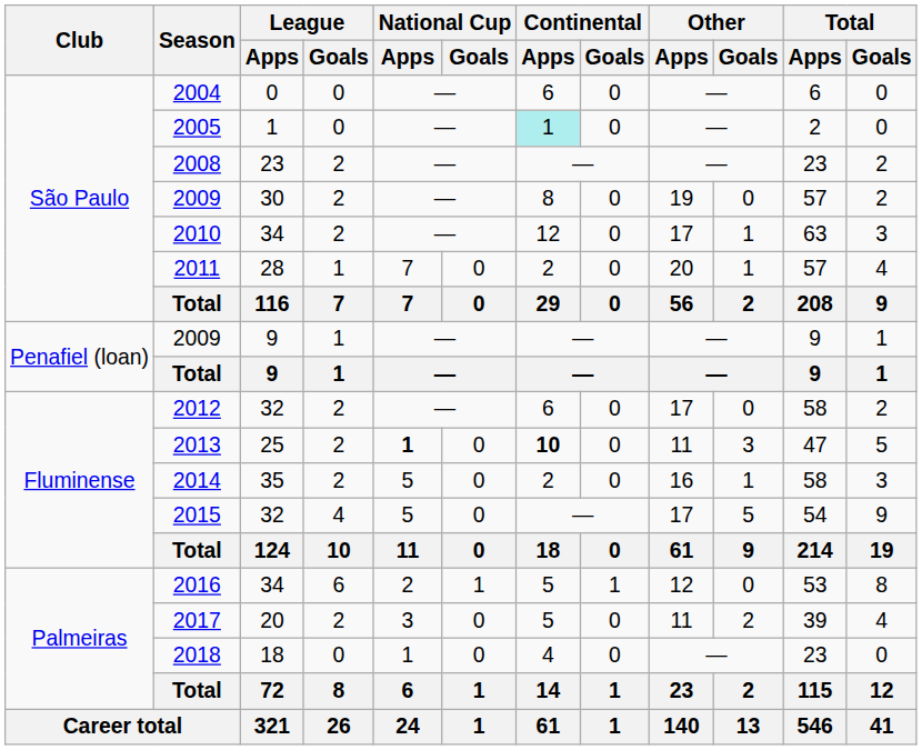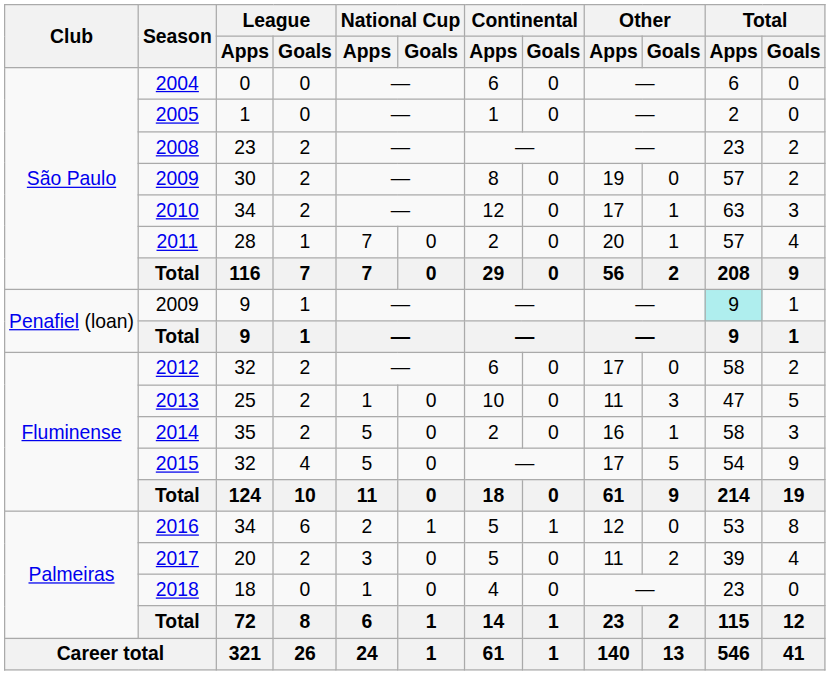 <table class="wikitable" style="font-size:96%; text-align: center;">
 <tr>
 <th rowspan="2">Club</th>
 <th rowspan="2">Season</th>
 <th colspan="2">League</th>
 <th colspan="2">National Cup</th>
 <th colspan="2">Continental</th>
 <th colspan="2">Other</th>
 <th colspan="2">Total</th>
 </tr>
 <tr>
 <th>Apps</th>
 <th>Goals</th>
 <th>Apps</th>
 <th>Goals</th>
 <th>Apps</th>
 <th>Goals</th>
 <th>Apps</th>
 <th>Goals</th>
 <th>Apps</th>
 <th>Goals</th>
 </tr>
 <tr>
 <td rowspan="7" valign="center"><a href='#'>São Paulo</a></td>
 <td><a href='#'>2004</a></td>
 <td>0</td>
 <td>0</td>
 <td colspan="2">—</td>
 <td>6</td>
 <td>0</td>
 <td colspan="2">—</td>
 <td>6</td>
 <td>0</td>
 </tr>
 <tr>
 <td><a href='#'>2005</a></td>
 <td>1</td>
 <td>0</td>
 <td colspan="2">—</td>
-<td style="background: paleturquoise;">1</td>
+<td>1</td>
 <td>0</td>
 <td colspan="2">—</td>
 <td>2</td>
 <td>0</td>
 </tr>
 <tr>
 <td><a href='#'>2008</a></td>
 <td>23</td>
 <td>2</td>
 <td colspan="2">—</td>
 <td colspan="2">—</td>
 <td colspan="2">—</td>
 <td>23</td>
 <td>2</td>
 </tr>
 <tr>
 <td><a href='#'>2009</a></td>
 <td>30</td>
 <td>2</td>
 <td colspan="2">—</td>
 <td>8</td>
 <td>0</td>
 <td>19</td>
 <td>0</td>
 <td>57</td>
 <td>2</td>
 </tr>
 <tr>
 <td><a href='#'>2010</a></td>
 <td>34</td>
 <td>2</td>
 <td colspan="2">—</td>
 <td>12</td>
 <td>0</td>
 <td>17</td>
 <td>1</td>
 <td>63</td>
 <td>3</td>
 </tr>
 <tr>
 <td><a href='#'>2011</a></td>
 <td>28</td>
 <td>1</td>
 <td>7</td>
 <td>0</td>
 <td>2</td>
 <td>0</td>
 <td>20</td>
 <td>1</td>
 <td>57</td>
 <td>4</td>
 </tr>
 <tr>
 <th colspan="1">Total</th>
 <th>116</th>
 <th>7</th>
 <th>7</th>
 <th>0</th>
 <th>29</th>
 <th>0</th>
 <th>56</th>
 <th>2</th>
 <th>208</th>
 <th>9</th>
 </tr>
 <tr>
 <td rowspan="2" valign="center"><a href='#'>Penafiel</a> (loan)</td>
 <td>2009</td>
 <td>9</td>
 <td>1</td>
 <td colspan="2">—</td>
 <td colspan="2">—</td>
 <td colspan="2">—</td>
-<td>9</td>
+<td style="background: paleturquoise;">9</td>
 <td>1</td>
 </tr>
 <tr>
 <th colspan="1">Total</th>
 <th>9</th>
 <th>1</th>
 <th colspan="2">—</th>
 <th colspan="2">—</th>
 <th colspan="2">—</th>
 <th>9</th>
 <th>1</th>
 </tr>
 <tr>
 <td rowspan="5" valign="center"><a href='#'>Fluminense</a></td>
 <td><a href='#'>2012</a></td>
 <td>32</td>
 <td>2</td>
 <td colspan="2">—</td>
 <td>6</td>
 <td>0</td>
 <td>17</td>
 <td>0</td>
 <td>58</td>
 <td>2</td>
 </tr>
 <tr>
 <td><a href='#'>2013</a></td>
 <td>25</td>
 <td>2</td>
-<td><strong>1</strong></td>
+<td>1</td>
 <td>0</td>
-<td><strong>10</strong></td>
+<td>10</td>
 <td>0</td>
 <td>11</td>
 <td>3</td>
 <td>47</td>
 <td>5</td>
 </tr>
 <tr>
 <td><a href='#'>2014</a></td>
 <td>35</td>
 <td>2</td>
 <td>5</td>
 <td>0</td>
 <td>2</td>
 <td>0</td>
 <td>16</td>
 <td>1</td>
 <td>58</td>
 <td>3</td>
 </tr>
 <tr>
 <td><a href='#'>2015</a></td>
 <td>32</td>
 <td>4</td>
 <td>5</td>
 <td>0</td>
 <td colspan="2">—</td>
 <td>17</td>
 <td>5</td>
 <td>54</td>
 <td>9</td>
 </tr>
 <tr>
 <th colspan="1">Total</th>
 <th>124</th>
 <th>10</th>
 <th>11</th>
 <th>0</th>
 <th>18</th>
 <th>0</th>
 <th>61</th>
 <th>9</th>
 <th>214</th>
 <th>19</th>
 </tr>
 <tr>
 <td rowspan="4" valign="center"><a href='#'>Palmeiras</a></td>
 <td><a href='#'>2016</a></td>
 <td>34</td>
 <td>6</td>
 <td>2</td>
 <td>1</td>
 <td>5</td>
 <td>1</td>
 <td>12</td>
 <td>0</td>
 <td>53</td>
 <td>8</td>
 </tr>
 <tr>
 <td><a href='#'>2017</a></td>
 <td>20</td>
 <td>2</td>
 <td>3</td>
 <td>0</td>
 <td>5</td>
 <td>0</td>
 <td>11</td>
 <td>2</td>
 <td>39</td>
 <td>4</td>
 </tr>
 <tr>
 <td><a href='#'>2018</a></td>
 <td>18</td>
 <td>0</td>
 <td>1</td>
 <td>0</td>
 <td>4</td>
 <td>0</td>
 <td colspan="2">—</td>
 <td>23</td>
 <td>0</td>
 </tr>
 <tr>
 <th colspan="1">Total</th>
 <th>72</th>
 <th>8</th>
 <th>6</th>
 <th>1</th>
 <th>14</th>
 <th>1</th>
 <th>23</th>
 <th>2</th>
 <th>115</th>
 <th>12</th>
 </tr>
 <tr>
 <th colspan="2">Career total</th>
 <th>321</th>
 <th>26</th>
 <th>24</th>
 <th>1</th>
 <th>61</th>
 <th>1</th>
 <th>140</th>
 <th>13</th>
 <th>546</th>
 <th>41</th>
 </tr>
 </table>
